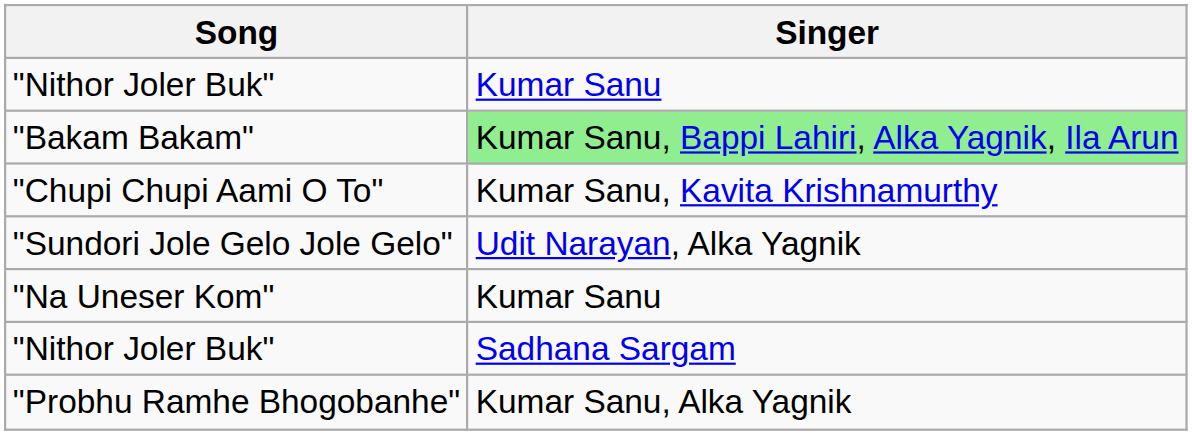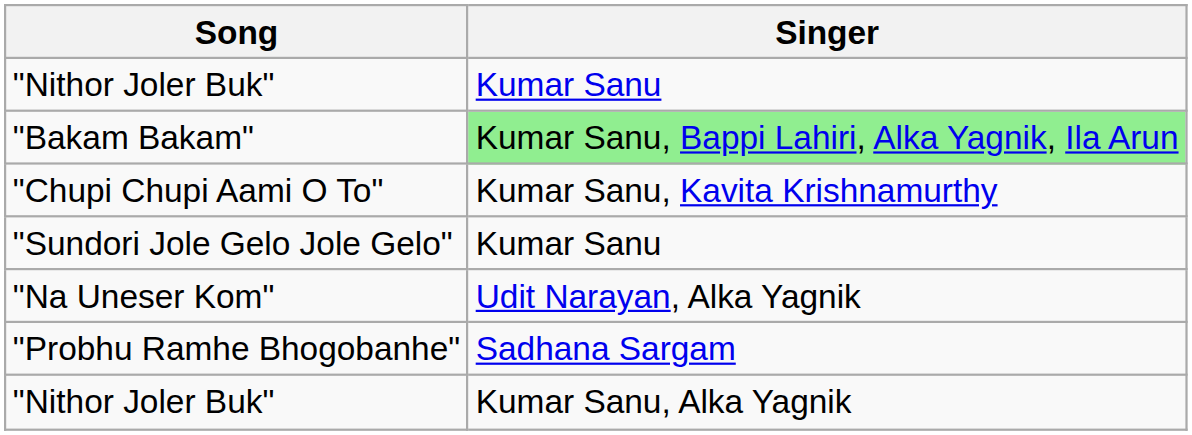 <table class="wikitable" style="font-size:95%;">
 <tr>
 <th>Song</th>
 <th>Singer</th>
 </tr>
 <tr>
 <td>"Nithor Joler Buk"</td>
 <td><a href='#'>Kumar Sanu</a></td>
 </tr>
 <tr>
 <td>"Bakam Bakam"</td>
 <td style="background: lightgreen;">Kumar Sanu, <a href='#'>Bappi Lahiri</a>, <a href='#'>Alka Yagnik</a>, <a href='#'>Ila Arun</a></td>
 </tr>
 <tr>
 <td>"Chupi Chupi Aami O To"</td>
 <td>Kumar Sanu, <a href='#'>Kavita Krishnamurthy</a></td>
 </tr>
 <tr>
 <td>"Sundori Jole Gelo Jole Gelo"</td>
+<td>Kumar Sanu</td>
+</tr>
+<tr>
+<td>"Na Uneser Kom"</td>
 <td><a href='#'>Udit Narayan</a>, Alka Yagnik</td>
 </tr>
 <tr>
-<td>"Na Uneser Kom"</td>
-<td>Kumar Sanu</td>
+<td>"Probhu Ramhe Bhogobanhe"</td>
+<td><a href='#'>Sadhana Sargam</a></td>
 </tr>
 <tr>
 <td>"Nithor Joler Buk"</td>
-<td><a href='#'>Sadhana Sargam</a></td>
-</tr>
-<tr>
-<td>"Probhu Ramhe Bhogobanhe"</td>
 <td>Kumar Sanu, Alka Yagnik</td>
 </tr>
 </table>
